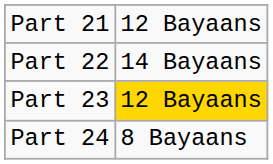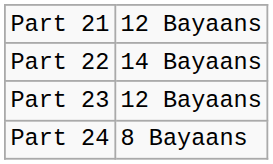 <table class="wikitable">
 <tr>
 <td>Part 21</td>
 <td>12 Bayaans</td>
 </tr>
 <tr>
 <td>Part 22</td>
 <td>14 Bayaans</td>
 </tr>
 <tr>
 <td>Part 23</td>
-<td style="background: gold;">12 Bayaans</td>
+<td>12 Bayaans</td>
 </tr>
 <tr>
 <td>Part 24</td>
 <td>8 Bayaans</td>
 </tr>
 </table>
